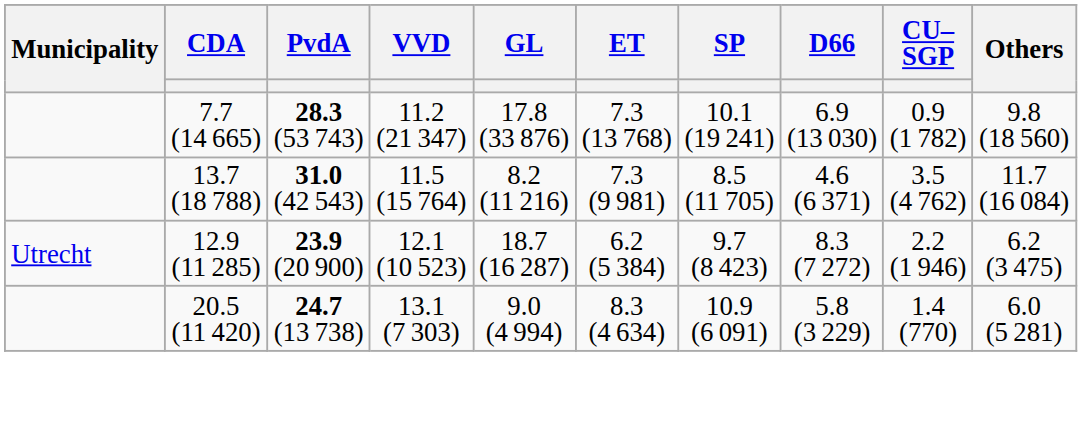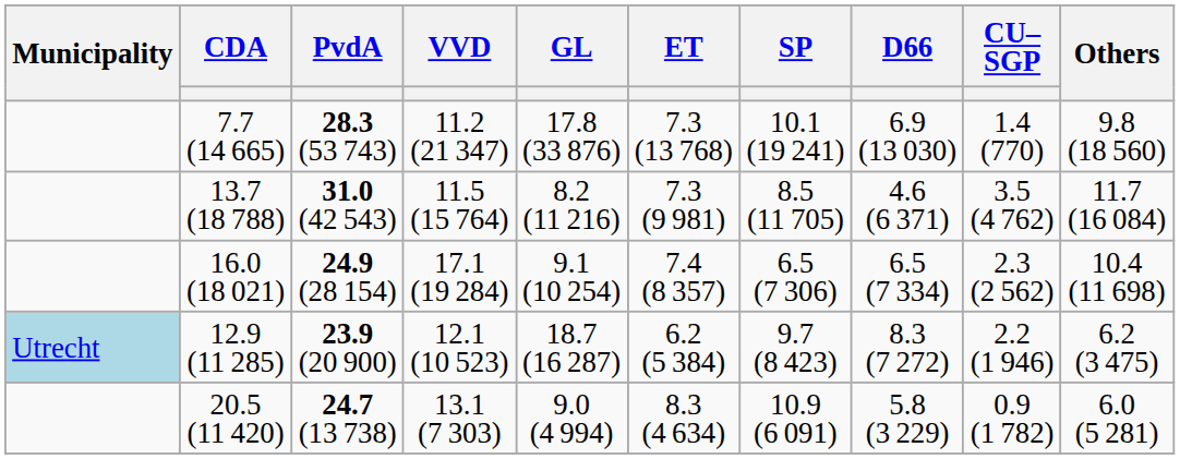 <table class="wikitable sortable" style="text-align:center;font-size:90%;line-height:14px">
 <tr style="height:40px;">
 <th rowspan="2">Municipality</th>
 <th style="width:40px;"><a href='#'>CDA</a></th>
 <th style="width:40px;"><a href='#'>PvdA</a></th>
 <th style="width:40px;"><a href='#'>VVD</a></th>
 <th style="width:40px;"><a href='#'>GL</a></th>
 <th style="width:40px;"><a href='#'>ET</a></th>
 <th style="width:40px;"><a href='#'>SP</a></th>
 <th style="width:40px;"><a href='#'>D66</a></th>
 <th style="width:40px;"><a href='#'>CU–SGP</a></th>
 <th style="width:40px;" rowspan="2">Others</th>
 </tr>
 <tr>
 <th style="background:"></th>
 <th style="background:"></th>
 <th style="background:"></th>
 <th style="background:"></th>
 <th style="background:"></th>
 <th style="background:"></th>
 <th style="background:"></th>
 <th style="background:"></th>
 </tr>
 <tr>
 <td align="left"></td>
 <td>7.7<br><span>(14 665)</span></td>
 <td style="background:"><strong>28.3</strong><br><span>(53 743)</span></td>
 <td>11.2<br><span>(21 347)</span></td>
 <td>17.8<br><span>(33 876)</span></td>
 <td>7.3<br><span>(13 768)</span></td>
 <td>10.1<br><span>(19 241)</span></td>
 <td>6.9<br><span>(13 030)</span></td>
-<td>0.9<br><span>(1 782)</span></td>
+<td>1.4<br><span>(770)</span></td>
 <td>9.8<br><span>(18 560)</span></td>
 </tr>
 <tr>
 <td align="left"></td>
 <td>13.7<br><span>(18 788)</span></td>
 <td style="background:"><strong>31.0</strong><br><span>(42 543)</span></td>
 <td>11.5<br><span>(15 764)</span></td>
 <td>8.2<br><span>(11 216)</span></td>
 <td>7.3<br><span>(9 981)</span></td>
 <td>8.5<br><span>(11 705)</span></td>
 <td>4.6<br><span>(6 371)</span></td>
 <td>3.5<br><span>(4 762)</span></td>
 <td>11.7<br><span>(16 084)</span></td>
 </tr>
 <tr>
-<td align="left"> <a href='#'>Utrecht</a></td>
+<td align="left"></td>
+<td>16.0<br><span>(18 021)</span></td>
+<td style="background:"><strong>24.9</strong><br><span>(28 154)</span></td>
+<td>17.1<br><span>(19 284)</span></td>
+<td>9.1<br><span>(10 254)</span></td>
+<td>7.4<br><span>(8 357)</span></td>
+<td>6.5<br><span>(7 306)</span></td>
+<td>6.5<br><span>(7 334)</span></td>
+<td>2.3<br><span>(2 562)</span></td>
+<td>10.4<br><span>(11 698)</span></td>
+</tr>
+<tr>
+<td align="left" style="background: lightblue;"> <a href='#'>Utrecht</a></td>
 <td>12.9<br><span>(11 285)</span></td>
 <td style="background:"><strong>23.9</strong><br><span>(20 900)</span></td>
 <td>12.1<br><span>(10 523)</span></td>
 <td>18.7<br><span>(16 287)</span></td>
 <td>6.2<br><span>(5 384)</span></td>
 <td>9.7<br><span>(8 423)</span></td>
 <td>8.3<br><span>(7 272)</span></td>
 <td>2.2<br><span>(1 946)</span></td>
 <td>6.2<br><span>(3 475)</span></td>
 </tr>
 <tr>
 <td align="left"></td>
 <td>20.5<br><span>(11 420)</span></td>
 <td style="background:"><strong>24.7</strong><br><span>(13 738)</span></td>
 <td>13.1<br><span>(7 303)</span></td>
 <td>9.0<br><span>(4 994)</span></td>
 <td>8.3<br><span>(4 634)</span></td>
 <td>10.9<br><span>(6 091)</span></td>
 <td>5.8<br><span>(3 229)</span></td>
-<td>1.4<br><span>(770)</span></td>
+<td>0.9<br><span>(1 782)</span></td>
 <td>6.0<br><span>(5 281)</span></td>
 </tr>
 </table>
